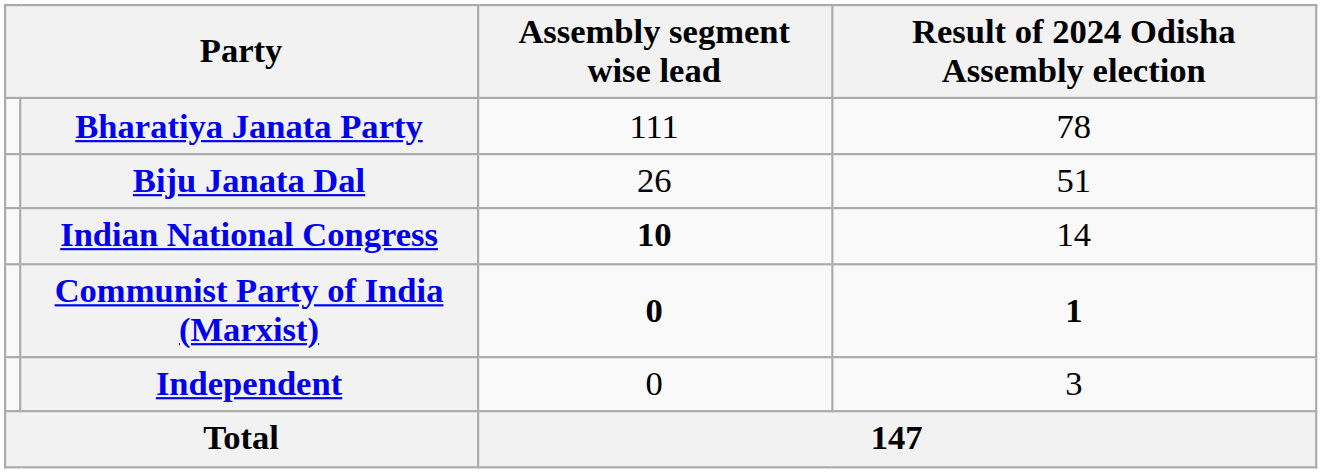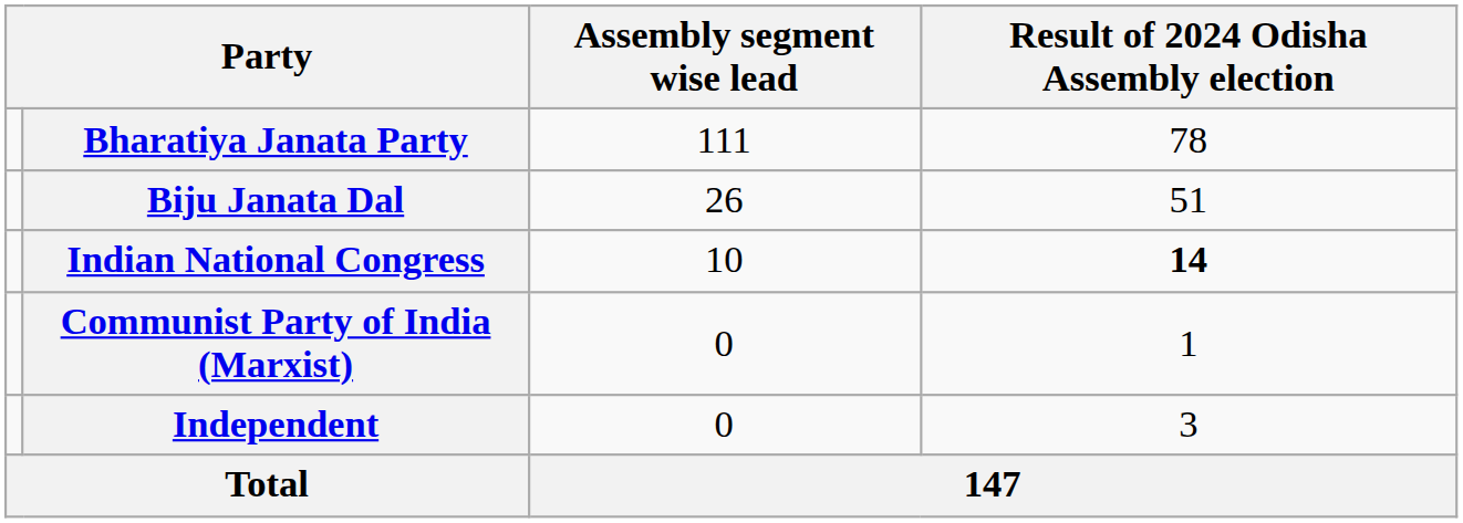 <table class="wikitable" style="text-align:center">
 <tr>
 <th colspan=2>Party</th>
 <th>Assembly segment wise lead</th>
 <th>Result of 2024 Odisha Assembly election</th>
 </tr>
 <tr>
 <td></td>
 <th><a href='#'>Bharatiya Janata Party</a></th>
 <td>111</td>
 <td>78</td>
 </tr>
 <tr>
 <td></td>
 <th><a href='#'>Biju Janata Dal</a></th>
 <td>26</td>
 <td>51</td>
 </tr>
 <tr>
 <td></td>
 <th><a href='#'>Indian National Congress</a></th>
-<td><strong>10</strong></td>
-<td>14</td>
+<td>10</td>
+<td><strong>14</strong></td>
 </tr>
 <tr>
 <td></td>
 <th><a href='#'>Communist Party of India (Marxist)</a></th>
-<td><strong>0</strong></td>
-<td><strong>1</strong></td>
+<td>0</td>
+<td>1</td>
 </tr>
 <tr>
 <td></td>
 <th><a href='#'>Independent</a></th>
 <td>0</td>
 <td>3</td>
 </tr>
 <tr>
 <th colspan=2>Total</th>
 <th colspan=2>147</th>
 </tr>
 </table>
